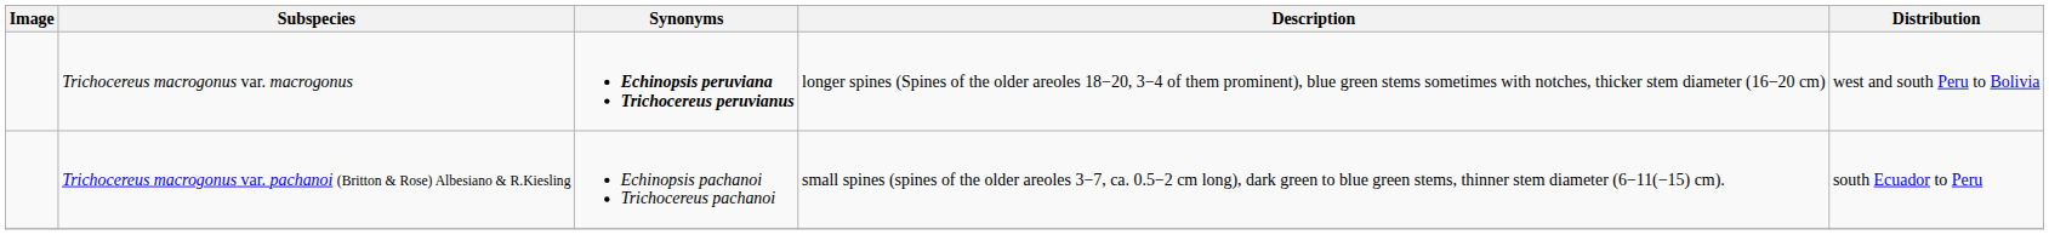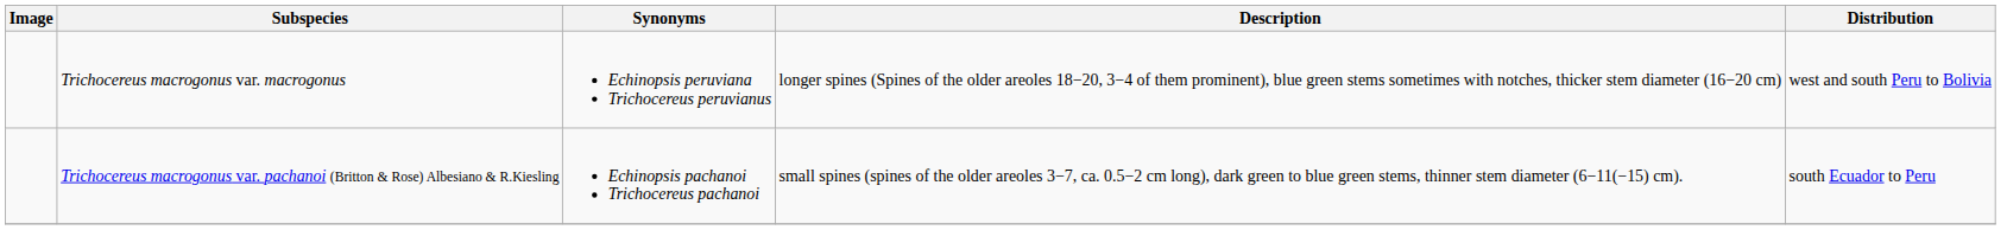 <table class="wikitable ">
 <tr>
 <th>Image</th>
 <th>Subspecies</th>
 <th>Synonyms</th>
 <th>Description</th>
 <th>Distribution</th>
 </tr>
 <tr>
 <td></td>
 <td><em>Trichocereus macrogonus</em> var. <em>macrogonus</em></td>
-<td><strong><br><ul><li><em>Echinopsis peruviana</em></li><li><em>Trichocereus peruvianus</em></li></ul></strong></td>
+<td><br><ul><li><em>Echinopsis peruviana</em></li><li><em>Trichocereus peruvianus</em></li></ul></td>
 <td>longer spines (Spines of the older areoles 18−20, 3−4 of them prominent), blue green stems sometimes with notches, thicker stem diameter (16−20 cm)</td>
 <td>west and south <a href='#'>Peru</a> to <a href='#'>Bolivia</a></td>
 </tr>
 <tr>
 <td></td>
 <td><a href='#'><em>Trichocereus macrogonus</em> var. <em>pachanoi</em></a> <small>(Britton & Rose) Albesiano & R.Kiesling</small></td>
 <td><br><ul><li><em>Echinopsis pachanoi</em></li><li><em>Trichocereus pachanoi</em></li></ul></td>
 <td>small spines (spines of the older areoles 3−7, ca. 0.5−2 cm long), dark green to blue green stems, thinner stem diameter (6−11(−15) cm).</td>
 <td>south <a href='#'>Ecuador</a> to <a href='#'>Peru</a></td>
 </tr>
 <tr>
 </tr>
 </table>
